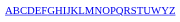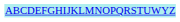 <table id="toc" class="toc" summary="Class">
 <tr>
 <th></th>
 </tr>
 <tr>
-<td style="text-align:center;"><a href='#'>A</a><a href='#'>B</a><a href='#'>C</a><a href='#'>D</a><a href='#'>E</a><a href='#'>F</a><a href='#'>G</a><a href='#'>H</a><a href='#'>I</a><a href='#'>J</a><a href='#'>K</a><a href='#'>L</a><a href='#'>M</a><a href='#'>N</a><a href='#'>O</a><a href='#'>P</a><a href='#'>Q</a><a href='#'>R</a><a href='#'>S</a><a href='#'>T</a><a href='#'>U</a><a href='#'>W</a><a href='#'>Y</a><a href='#'>Z</a></td>
+<td style="background: paleturquoise; text-align:center;"><a href='#'>A</a><a href='#'>B</a><a href='#'>C</a><a href='#'>D</a><a href='#'>E</a><a href='#'>F</a><a href='#'>G</a><a href='#'>H</a><a href='#'>I</a><a href='#'>J</a><a href='#'>K</a><a href='#'>L</a><a href='#'>M</a><a href='#'>N</a><a href='#'>O</a><a href='#'>P</a><a href='#'>Q</a><a href='#'>R</a><a href='#'>S</a><a href='#'>T</a><a href='#'>U</a><a href='#'>W</a><a href='#'>Y</a><a href='#'>Z</a></td>
 </tr>
 </table>
